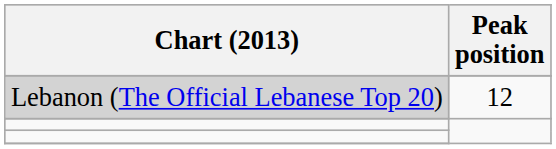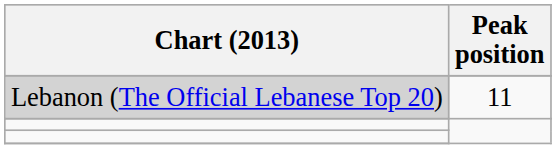 <table class="wikitable sortable" border="1">
 <tr>
 <th>Chart (2013)</th>
 <th>Peak<br>position</th>
 </tr>
 <tr>
 </tr>
 <tr>
 </tr>
 <tr>
 </tr>
 <tr>
 </tr>
 <tr>
 </tr>
 <tr>
 </tr>
 <tr>
 </tr>
 <tr>
 </tr>
 <tr>
 <td style="background: lightgrey;">Lebanon (<a href='#'>The Official Lebanese Top 20</a>)</td>
-<td style="text-align:center;">12</td>
+<td style="text-align:center;">11</td>
 </tr>
 <tr>
 </tr>
 <tr>
 </tr>
 <tr>
 </tr>
 <tr>
 </tr>
 <tr>
 </tr>
 <tr>
 </tr>
 <tr>
 </tr>
 <tr>
 <td></td>
 </tr>
 <tr>
 <td></td>
 </tr>
 <tr>
 </tr>
 </table>
